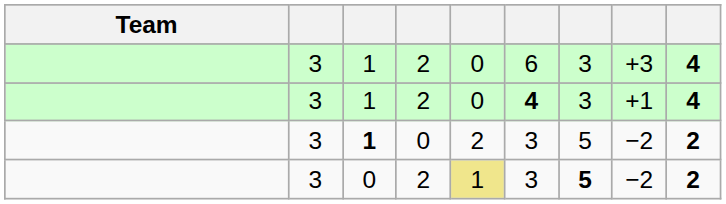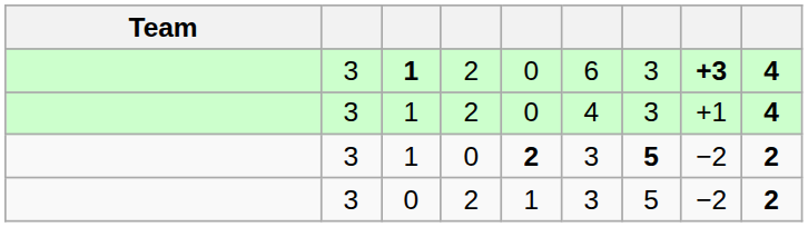 <table class="wikitable" style="text-align: center; font-size:90% ">
 <tr>
 <th width=160>Team</th>
 <th width=25></th>
 <th width=25></th>
 <th width=25></th>
 <th width=25></th>
 <th width=25></th>
 <th width=25></th>
 <th width=25></th>
 <th width=25></th>
 </tr>
 <tr bgcolor=ccffcc>
 <td align=left></td>
 <td>3</td>
-<td>1</td>
+<td><strong>1</strong></td>
 <td>2</td>
 <td>0</td>
 <td>6</td>
 <td>3</td>
-<td>+3</td>
+<td><strong>+3</strong></td>
 <td><strong>4</strong></td>
 </tr>
 <tr bgcolor=ccffcc>
 <td align=left></td>
 <td>3</td>
 <td>1</td>
 <td>2</td>
 <td>0</td>
-<td><strong>4</strong></td>
+<td>4</td>
 <td>3</td>
 <td>+1</td>
 <td><strong>4</strong></td>
 </tr>
 <tr>
 <td align=left></td>
 <td>3</td>
-<td><strong>1</strong></td>
+<td>1</td>
 <td>0</td>
-<td>2</td>
+<td><strong>2</strong></td>
 <td>3</td>
-<td>5</td>
+<td><strong>5</strong></td>
 <td>−2</td>
 <td><strong>2</strong></td>
 </tr>
 <tr>
 <td align=left></td>
 <td>3</td>
 <td>0</td>
 <td>2</td>
-<td style="background: khaki;">1</td>
+<td>1</td>
 <td>3</td>
-<td><strong>5</strong></td>
+<td>5</td>
 <td>−2</td>
 <td><strong>2</strong></td>
 </tr>
 </table>
